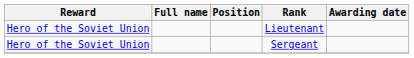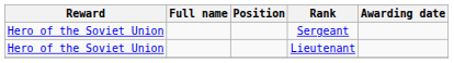 <table class="wikitable">
 <tr>
 <th>Reward</th>
 <th>Full name</th>
 <th>Position</th>
 <th>Rank</th>
 <th>Awarding date</th>
 </tr>
 <tr>
 <td style="text-align:center;"><a href='#'>Hero of the Soviet Union</a></td>
 <td></td>
 <td></td>
-<td style="text-align:center;"><a href='#'>Lieutenant</a></td>
+<td style="text-align:center;"><a href='#'>Sergeant</a></td>
 <td></td>
 </tr>
 <tr>
 <td style="text-align:center;"><a href='#'>Hero of the Soviet Union</a></td>
 <td></td>
 <td></td>
-<td style="text-align:center;"><a href='#'>Sergeant</a></td>
+<td style="text-align:center;"><a href='#'>Lieutenant</a></td>
 <td></td>
 </tr>
 <tr>
 </tr>
 </table>
